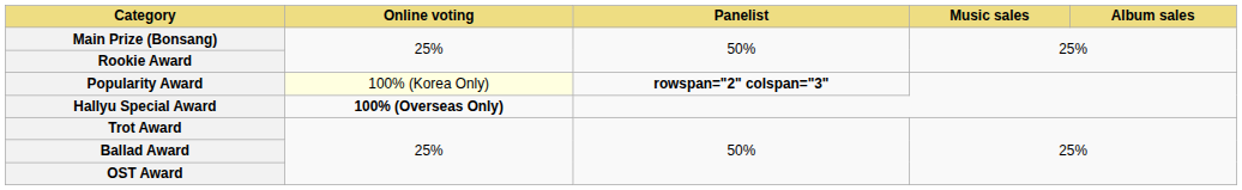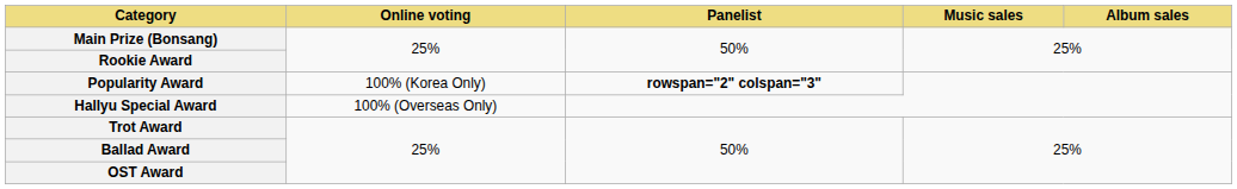 <table class="wikitable" style="text-align:center; width:70%">
 <tr>
 <th scope="col" style="background:#EEDD82">Category</th>
 <th scope="col" style="background:#EEDD82">Online voting</th>
 <th scope="col" style="background:#EEDD82">Panelist</th>
 <th scope="col" style="background:#EEDD82">Music sales</th>
 <th scope="col" style="background:#EEDD82">Album sales</th>
 </tr>
 <tr>
 <th scope="col">Main Prize (Bonsang)</th>
 <td rowspan="2">25%</td>
 <td rowspan="2">50%</td>
 <td rowspan="2" colspan="2">25%</td>
 </tr>
 <tr>
 <th scope="col">Rookie Award</th>
 </tr>
 <tr>
 <th scope="col">Popularity Award</th>
-<td style="background: lightyellow;">100% (Korea Only)</td>
+<td>100% (Korea Only)</td>
 <td><strong>rowspan="2" colspan="3" </strong></td>
 </tr>
 <tr>
 <th scope="col">Hallyu Special Award</th>
-<td><strong>100% (Overseas Only)</strong></td>
+<td>100% (Overseas Only)</td>
 </tr>
 <tr>
 <th scope="col">Trot Award</th>
 <td rowspan="3">25%</td>
 <td rowspan="3">50%</td>
 <td rowspan="3" colspan="2">25%</td>
 </tr>
 <tr>
 <th scope="col">Ballad Award</th>
 </tr>
 <tr>
 <th scope="col">OST Award</th>
 </tr>
 </table>
